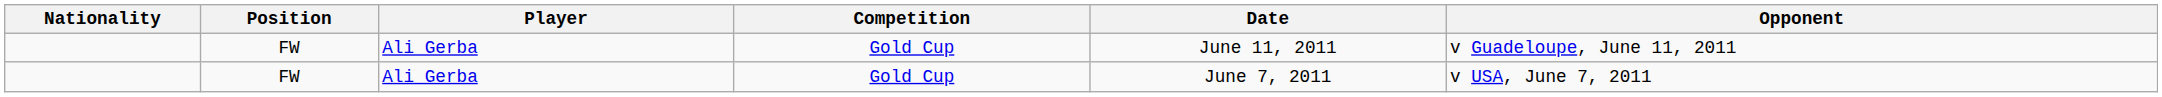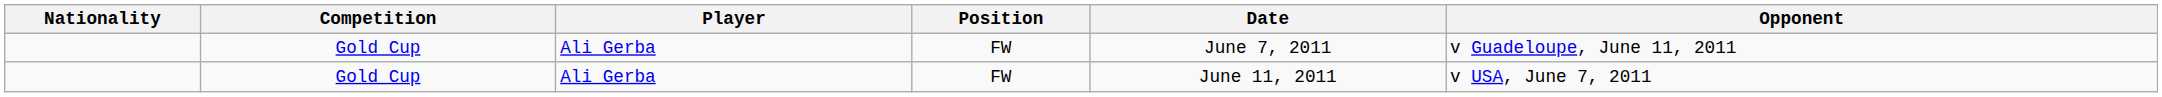 <table class="wikitable" style="width:100%;">
 <tr>
 <th width=5%>Nationality</th>
+<th width=10%>Competition</th>
+<th width=10%>Player</th>
 <th width=5%>Position</th>
-<th width=10%>Player</th>
-<th width=10%>Competition</th>
 <th width=10%>Date</th>
 <th width=20%>Opponent</th>
 </tr>
 <tr>
 <td align=center></td>
+<td align=center><a href='#'>Gold Cup</a></td>
+<td><a href='#'>Ali Gerba</a></td>
 <td align=center>FW</td>
-<td><a href='#'>Ali Gerba</a></td>
-<td align=center><a href='#'>Gold Cup</a></td>
-<td align=center>June 11, 2011</td>
+<td align=center>June 7, 2011</td>
 <td>v <a href='#'>Guadeloupe</a>, June 11, 2011</td>
 </tr>
 <tr>
 <td align=center></td>
+<td align=center><a href='#'>Gold Cup</a></td>
+<td><a href='#'>Ali Gerba</a></td>
 <td align=center>FW</td>
-<td><a href='#'>Ali Gerba</a></td>
-<td align=center><a href='#'>Gold Cup</a></td>
-<td align=center>June 7, 2011</td>
+<td align=center>June 11, 2011</td>
 <td>v <a href='#'>USA</a>, June 7, 2011</td>
 </tr>
 </table>
